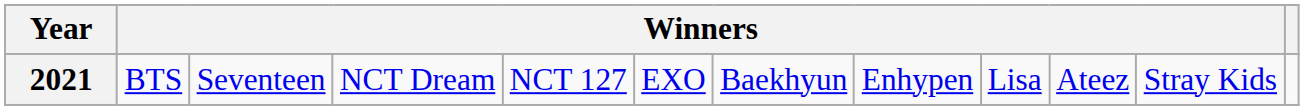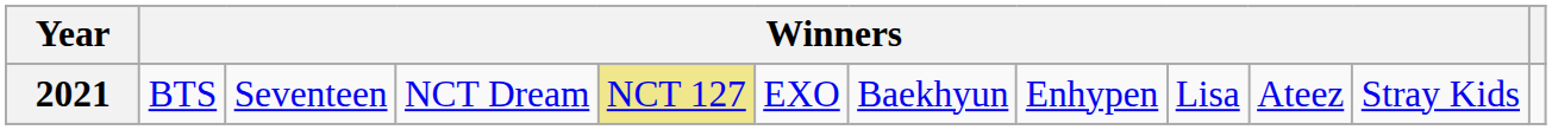 <table class="wikitable plainrowheaders" style="text-align: center">
 <tr>
 <th scope="col" width="50">Year</th>
 <th scope="col" colspan="10">Winners</th>
 <th scope="col"></th>
 </tr>
 <tr>
 <th scope="row" style="text-align:center;">2021</th>
 <td><a href='#'>BTS</a></td>
 <td><a href='#'>Seventeen</a></td>
 <td><a href='#'>NCT Dream</a></td>
-<td><a href='#'>NCT 127</a></td>
+<td style="background: khaki;"><a href='#'>NCT 127</a></td>
 <td><a href='#'>EXO</a></td>
 <td><a href='#'>Baekhyun</a></td>
 <td><a href='#'>Enhypen</a></td>
 <td><a href='#'>Lisa</a></td>
 <td><a href='#'>Ateez</a></td>
 <td><a href='#'>Stray Kids</a></td>
 <td></td>
 </tr>
 </table>
